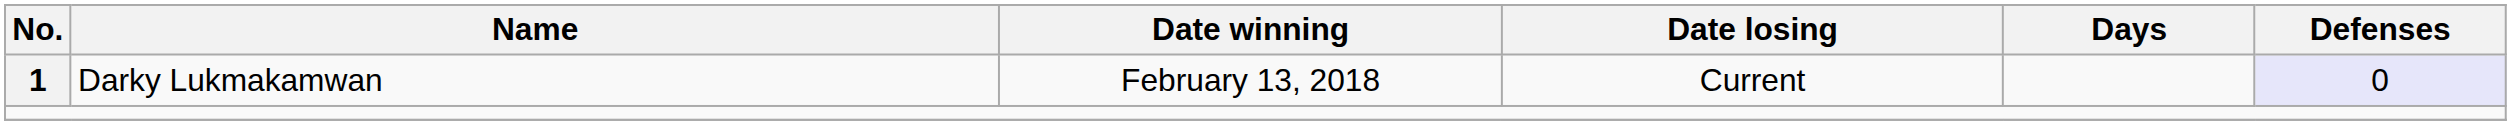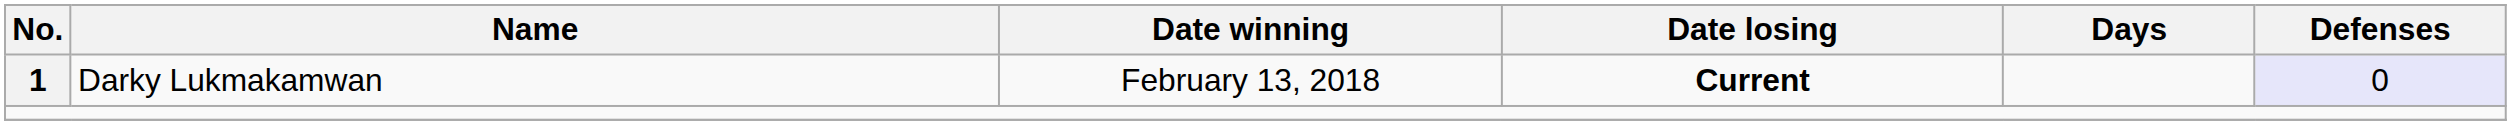 <table class="wikitable" width=100%>
 <tr>
 <th style="width:1%;">No.</th>
 <th style="width:37%;">Name</th>
 <th style="width:20%;">Date winning</th>
 <th style="width:20%;">Date losing</th>
 <th data-sort-type="number" style="width:10%;">Days</th>
 <th data-sort-type="number" style="width:10%;">Defenses</th>
 </tr>
 <tr align=center>
 <th>1</th>
 <td align=left> Darky Lukmakamwan</td>
 <td>February 13, 2018</td>
-<td>Current</td>
+<td><strong>Current</strong></td>
 <td></td>
 <td style="background: lavender;">0</td>
 </tr>
 <tr>
 <td colspan="6"></td>
 </tr>
 <tr>
 </tr>
 </table>
